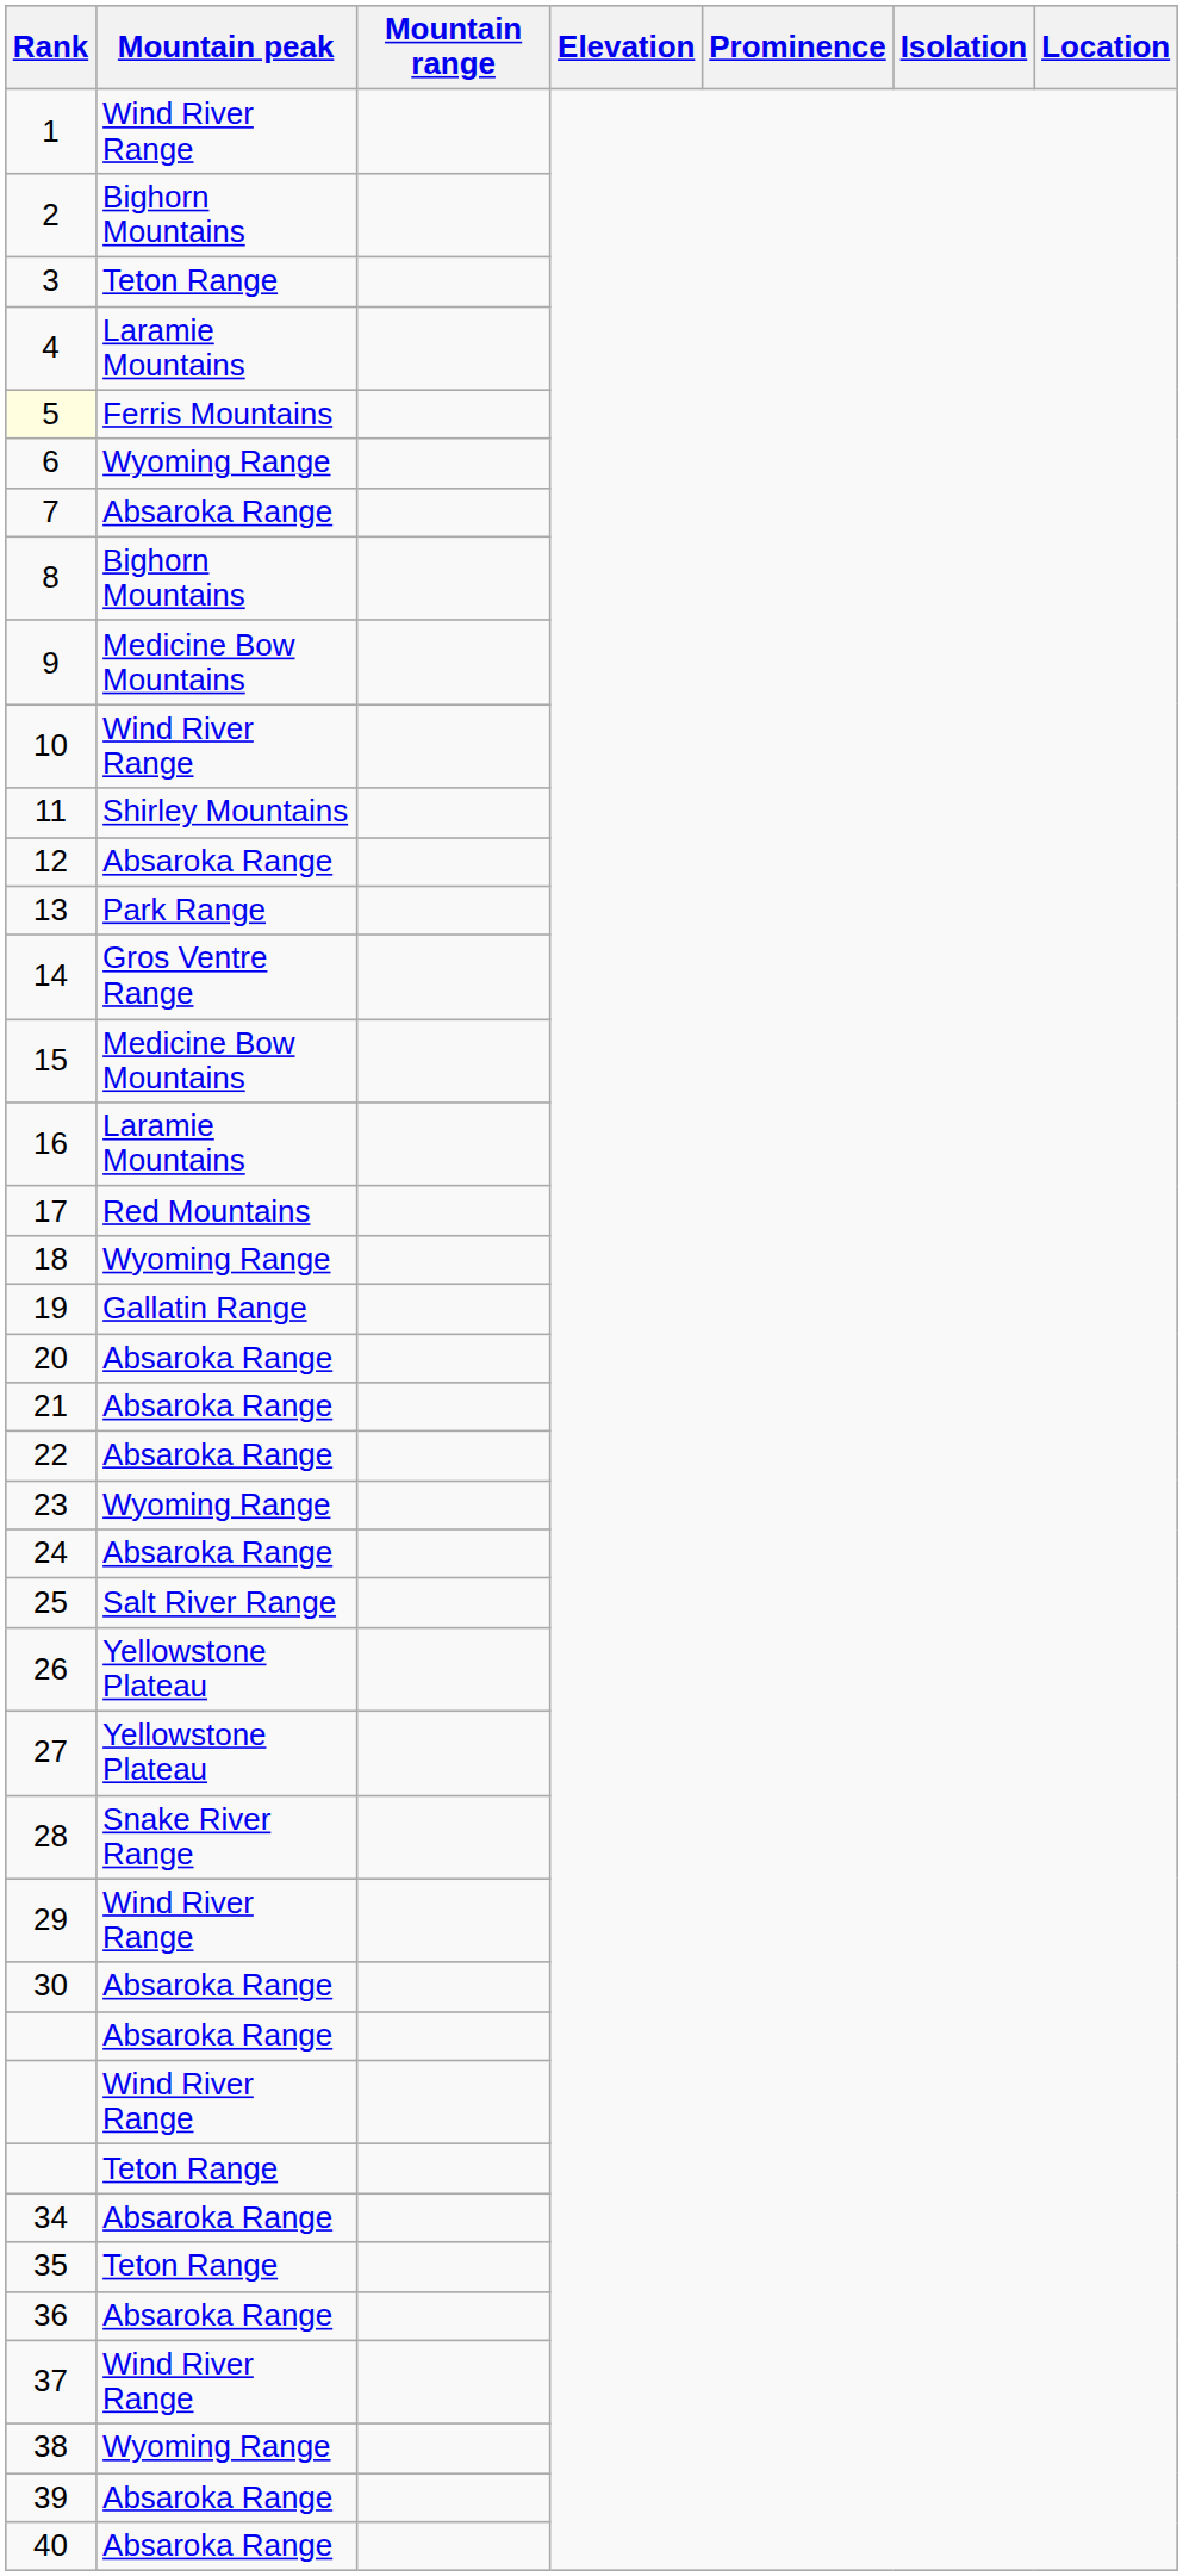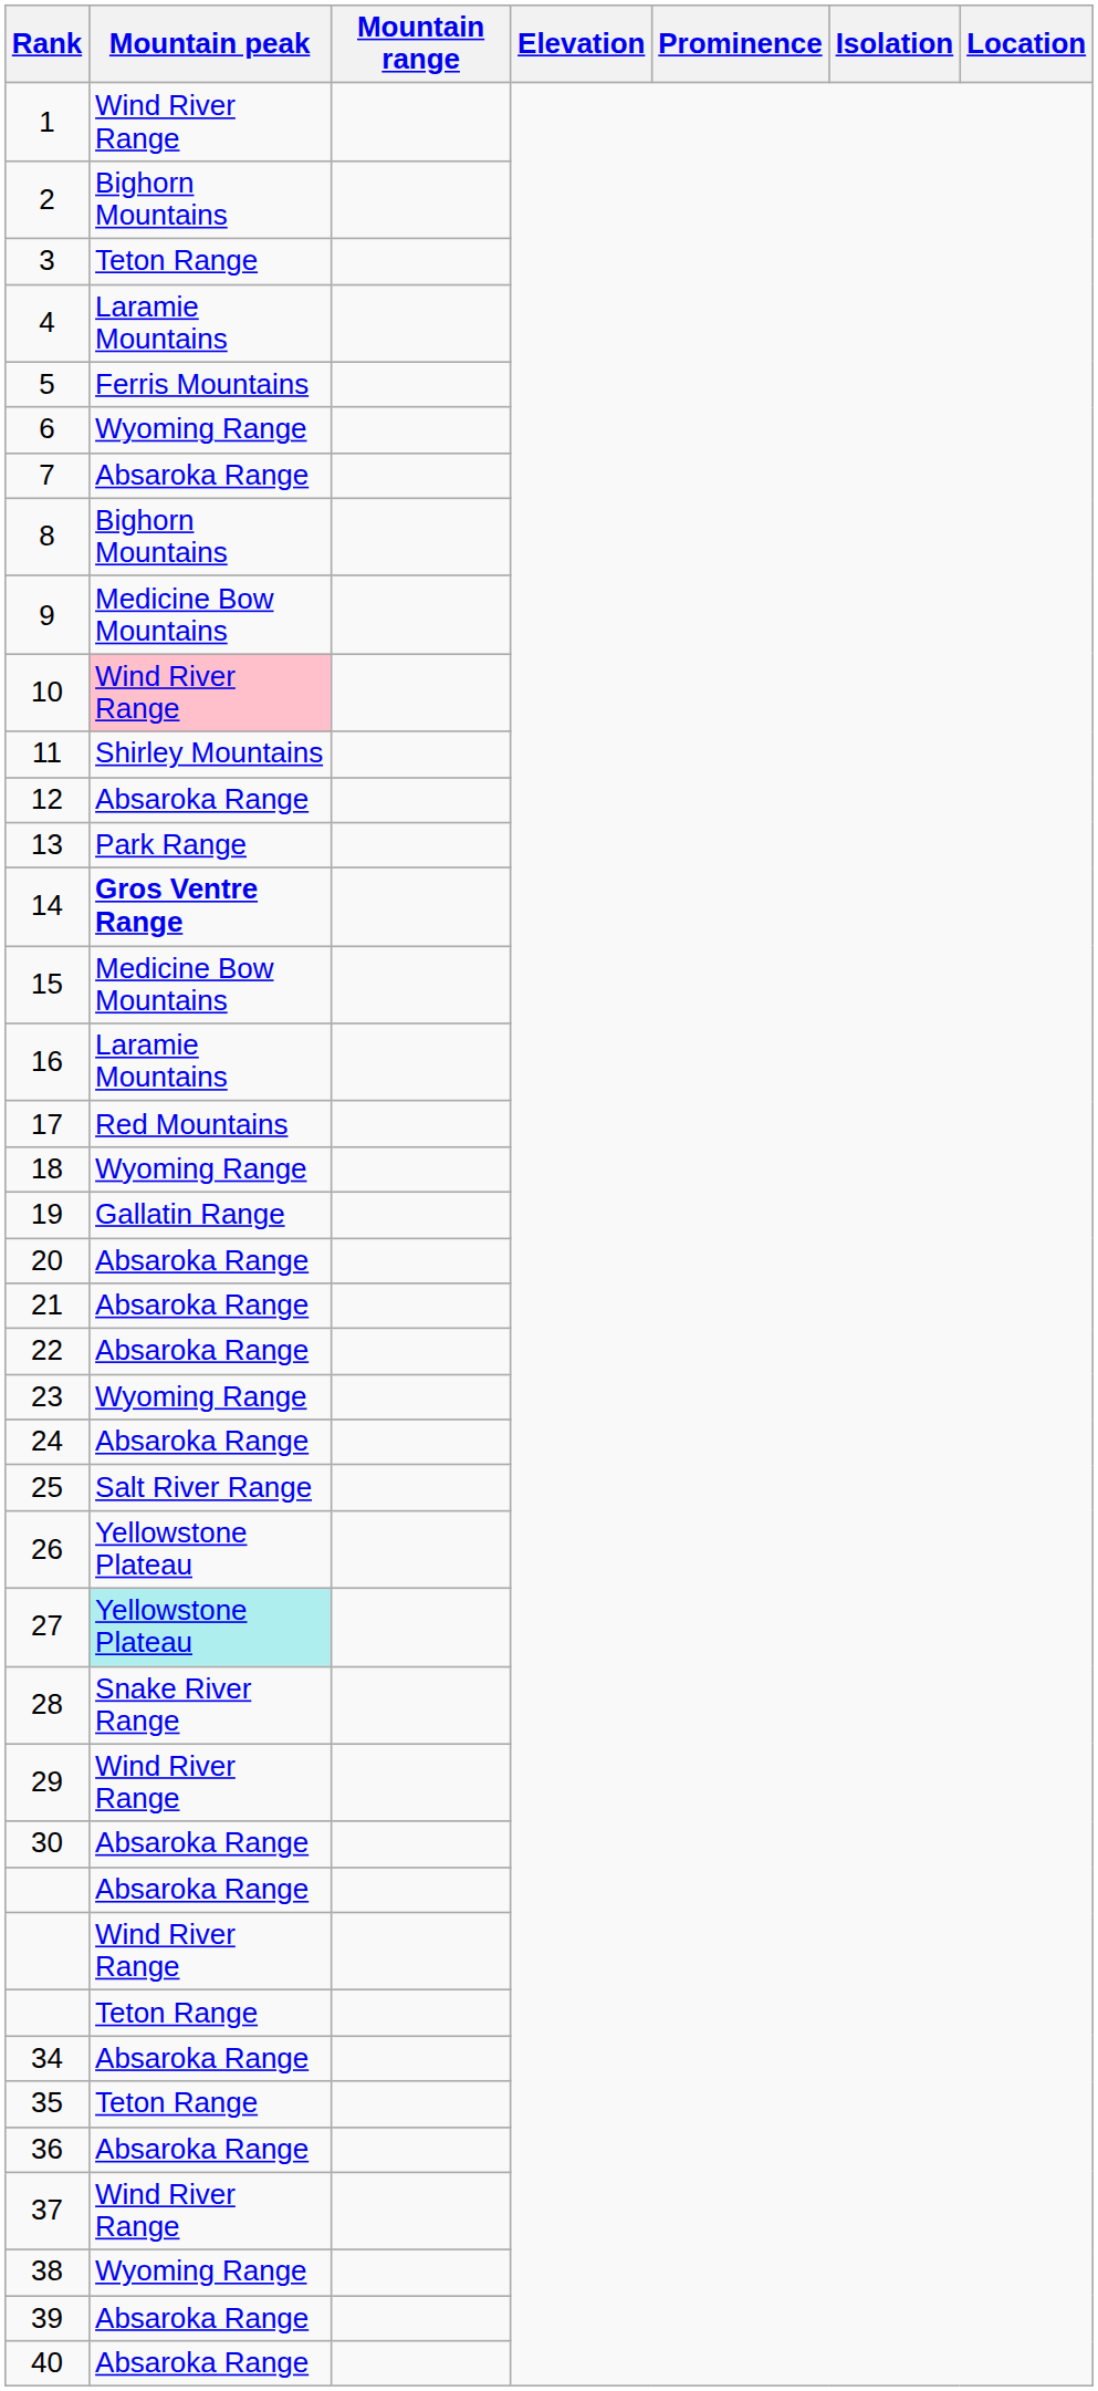 <table class="wikitable sortable">
 <tr>
 <th><a href='#'>Rank</a></th>
 <th><a href='#'>Mountain peak</a></th>
 <th><a href='#'>Mountain range</a></th>
 <th><a href='#'>Elevation</a></th>
 <th><a href='#'>Prominence</a></th>
 <th><a href='#'>Isolation</a></th>
 <th><a href='#'>Location</a></th>
 </tr>
 <tr>
 <td align=center>1<br></td>
 <td><a href='#'>Wind River Range</a><br></td>
 <td></td>
 </tr>
 <tr>
 <td align=center>2<br></td>
 <td><a href='#'>Bighorn Mountains</a><br></td>
 <td></td>
 </tr>
 <tr>
 <td align=center>3<br></td>
 <td><a href='#'>Teton Range</a><br></td>
 <td></td>
 </tr>
 <tr>
 <td align=center>4<br></td>
 <td><a href='#'>Laramie Mountains</a><br></td>
 <td></td>
 </tr>
 <tr>
-<td align=center style="background: lightyellow;">5<br></td>
+<td align=center>5<br></td>
 <td><a href='#'>Ferris Mountains</a><br></td>
 <td></td>
 </tr>
 <tr>
 <td align=center>6<br></td>
 <td><a href='#'>Wyoming Range</a><br></td>
 <td></td>
 </tr>
 <tr>
 <td align=center>7<br></td>
 <td><a href='#'>Absaroka Range</a><br></td>
 <td></td>
 </tr>
 <tr>
 <td align=center>8<br></td>
 <td><a href='#'>Bighorn Mountains</a><br></td>
 <td></td>
 </tr>
 <tr>
 <td align=center>9<br></td>
 <td><a href='#'>Medicine Bow Mountains</a><br></td>
 <td></td>
 </tr>
 <tr>
 <td align=center>10<br></td>
-<td><a href='#'>Wind River Range</a><br></td>
+<td style="background: pink;"><a href='#'>Wind River Range</a><br></td>
 <td></td>
 </tr>
 <tr>
 <td align=center>11<br></td>
 <td><a href='#'>Shirley Mountains</a><br></td>
 <td></td>
 </tr>
 <tr>
 <td align=center>12<br></td>
 <td><a href='#'>Absaroka Range</a><br></td>
 <td></td>
 </tr>
 <tr>
 <td align=center>13<br></td>
 <td><a href='#'>Park Range</a><br></td>
 <td></td>
 </tr>
 <tr>
 <td align=center>14<br></td>
-<td><a href='#'>Gros Ventre Range</a><br></td>
+<td><strong><a href='#'>Gros Ventre Range</a><br></strong></td>
 <td></td>
 </tr>
 <tr>
 <td align=center>15<br></td>
 <td><a href='#'>Medicine Bow Mountains</a><br></td>
 <td></td>
 </tr>
 <tr>
 <td align=center>16<br></td>
 <td><a href='#'>Laramie Mountains</a><br></td>
 <td></td>
 </tr>
 <tr>
 <td align=center>17<br></td>
 <td><a href='#'>Red Mountains</a><br></td>
 <td></td>
 </tr>
 <tr>
 <td align=center>18<br></td>
 <td><a href='#'>Wyoming Range</a><br></td>
 <td></td>
 </tr>
 <tr>
 <td align=center>19<br></td>
 <td><a href='#'>Gallatin Range</a><br></td>
 <td></td>
 </tr>
 <tr>
 <td align=center>20<br></td>
 <td><a href='#'>Absaroka Range</a><br></td>
 <td></td>
 </tr>
 <tr>
 <td align=center>21<br></td>
 <td><a href='#'>Absaroka Range</a><br></td>
 <td></td>
 </tr>
 <tr>
 <td align=center>22<br></td>
 <td><a href='#'>Absaroka Range</a><br></td>
 <td></td>
 </tr>
 <tr>
 <td align=center>23<br></td>
 <td><a href='#'>Wyoming Range</a><br></td>
 <td></td>
 </tr>
 <tr>
 <td align=center>24<br></td>
 <td><a href='#'>Absaroka Range</a><br></td>
 <td></td>
 </tr>
 <tr>
 <td align=center>25<br></td>
 <td><a href='#'>Salt River Range</a><br></td>
 <td></td>
 </tr>
 <tr>
 <td align=center>26<br></td>
 <td><a href='#'>Yellowstone Plateau</a><br></td>
 <td></td>
 </tr>
 <tr>
 <td align=center>27<br></td>
-<td><a href='#'>Yellowstone Plateau</a><br></td>
+<td style="background: paleturquoise;"><a href='#'>Yellowstone Plateau</a><br></td>
 <td></td>
 </tr>
 <tr>
 <td align=center>28<br></td>
 <td><a href='#'>Snake River Range</a><br></td>
 <td></td>
 </tr>
 <tr>
 <td align=center>29<br></td>
 <td><a href='#'>Wind River Range</a><br></td>
 <td></td>
 </tr>
 <tr>
 <td align=center>30<br></td>
 <td><a href='#'>Absaroka Range</a><br></td>
 <td></td>
 </tr>
 <tr>
 <td align=center><br></td>
 <td><a href='#'>Absaroka Range</a><br></td>
 <td></td>
 </tr>
 <tr>
 <td align=center><br></td>
 <td><a href='#'>Wind River Range</a><br></td>
 <td></td>
 </tr>
 <tr>
 <td align=center><br></td>
 <td><a href='#'>Teton Range</a><br></td>
 <td></td>
 </tr>
 <tr>
 <td align=center>34<br></td>
 <td><a href='#'>Absaroka Range</a><br></td>
 <td></td>
 </tr>
 <tr>
 <td align=center>35<br></td>
 <td><a href='#'>Teton Range</a><br></td>
 <td></td>
 </tr>
 <tr>
 <td align=center>36<br></td>
 <td><a href='#'>Absaroka Range</a><br></td>
 <td></td>
 </tr>
 <tr>
 <td align=center>37<br></td>
 <td><a href='#'>Wind River Range</a><br></td>
 <td></td>
 </tr>
 <tr>
 <td align=center>38<br></td>
 <td><a href='#'>Wyoming Range</a><br></td>
 <td></td>
 </tr>
 <tr>
 <td align=center>39<br></td>
 <td><a href='#'>Absaroka Range</a><br></td>
 <td></td>
 </tr>
 <tr>
 <td align=center>40<br></td>
 <td><a href='#'>Absaroka Range</a><br></td>
 <td></td>
 </tr>
 </table>
